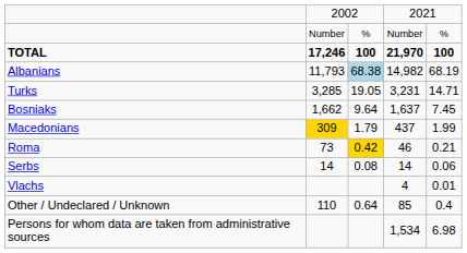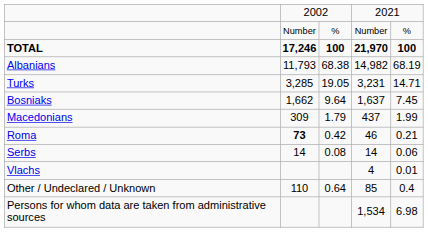 <table class="wikitable">
 <tr>
 <td></td>
 <td colspan="2" align="center">2002</td>
 <td colspan="2" align="center">2021</td>
 </tr>
 <tr>
 <td></td>
 <td align="center"><small>Number</small></td>
 <td align="center"><small>%</small></td>
 <td align="center"><small>Number</small></td>
 <td align="center"><small>%</small></td>
 </tr>
 <tr>
 <td><strong>TOTAL</strong></td>
 <td align="center"><strong>17,246</strong></td>
 <td align="center"><strong>100</strong></td>
 <td align="center"><strong>21,970</strong></td>
 <td align="center"><strong>100</strong></td>
 </tr>
 <tr>
 <td><a href='#'>Albanians</a></td>
 <td align="center">11,793</td>
-<td align="center" style="background: lightblue;">68.38</td>
+<td align="center">68.38</td>
 <td align="center">14,982</td>
 <td align="center">68.19</td>
 </tr>
 <tr>
 <td><a href='#'>Turks</a></td>
 <td align="center">3,285</td>
 <td align="center">19.05</td>
 <td align="center">3,231</td>
 <td align="center">14.71</td>
 </tr>
 <tr>
 <td><a href='#'>Bosniaks</a></td>
 <td align="center">1,662</td>
 <td align="center">9.64</td>
 <td align="center">1,637</td>
 <td align="center">7.45</td>
 </tr>
 <tr>
 <td><a href='#'>Macedonians</a></td>
-<td align="center" style="background: gold;">309</td>
+<td align="center">309</td>
 <td align="center">1.79</td>
 <td align="center">437</td>
 <td align="center">1.99</td>
 </tr>
 <tr>
 <td><a href='#'>Roma</a></td>
-<td align="center">73</td>
-<td align="center" style="background: gold;">0.42</td>
+<td align="center"><strong>73</strong></td>
+<td align="center">0.42</td>
 <td align="center">46</td>
 <td align="center">0.21</td>
 </tr>
 <tr>
 <td><a href='#'>Serbs</a></td>
 <td align="center">14</td>
 <td align="center">0.08</td>
 <td align="center">14</td>
 <td align="center">0.06</td>
 </tr>
 <tr>
 <td><a href='#'>Vlachs</a></td>
 <td align="center"></td>
 <td align="center"></td>
 <td align="center">4</td>
 <td align="center">0.01</td>
 </tr>
 <tr>
 <td>Other / Undeclared / Unknown</td>
 <td align="center">110</td>
 <td align="center">0.64</td>
 <td align="center">85</td>
 <td align="center">0.4</td>
 </tr>
 <tr>
 <td>Persons for whom data are taken from administrative sources</td>
 <td align="center"></td>
 <td align="center"></td>
 <td align="center">1,534</td>
 <td align="center">6.98</td>
 </tr>
 </table>
